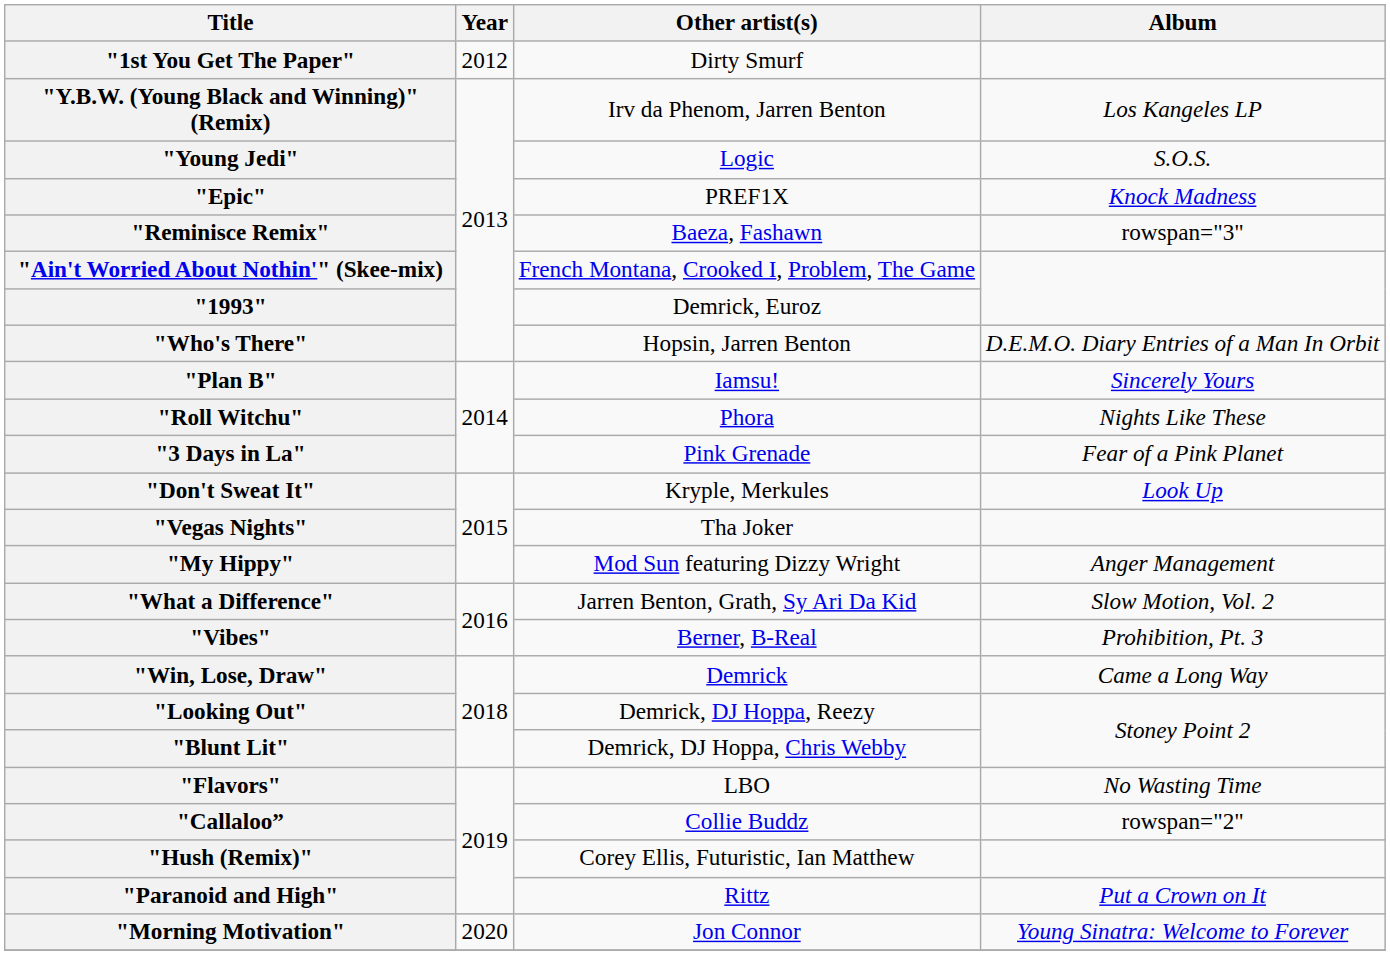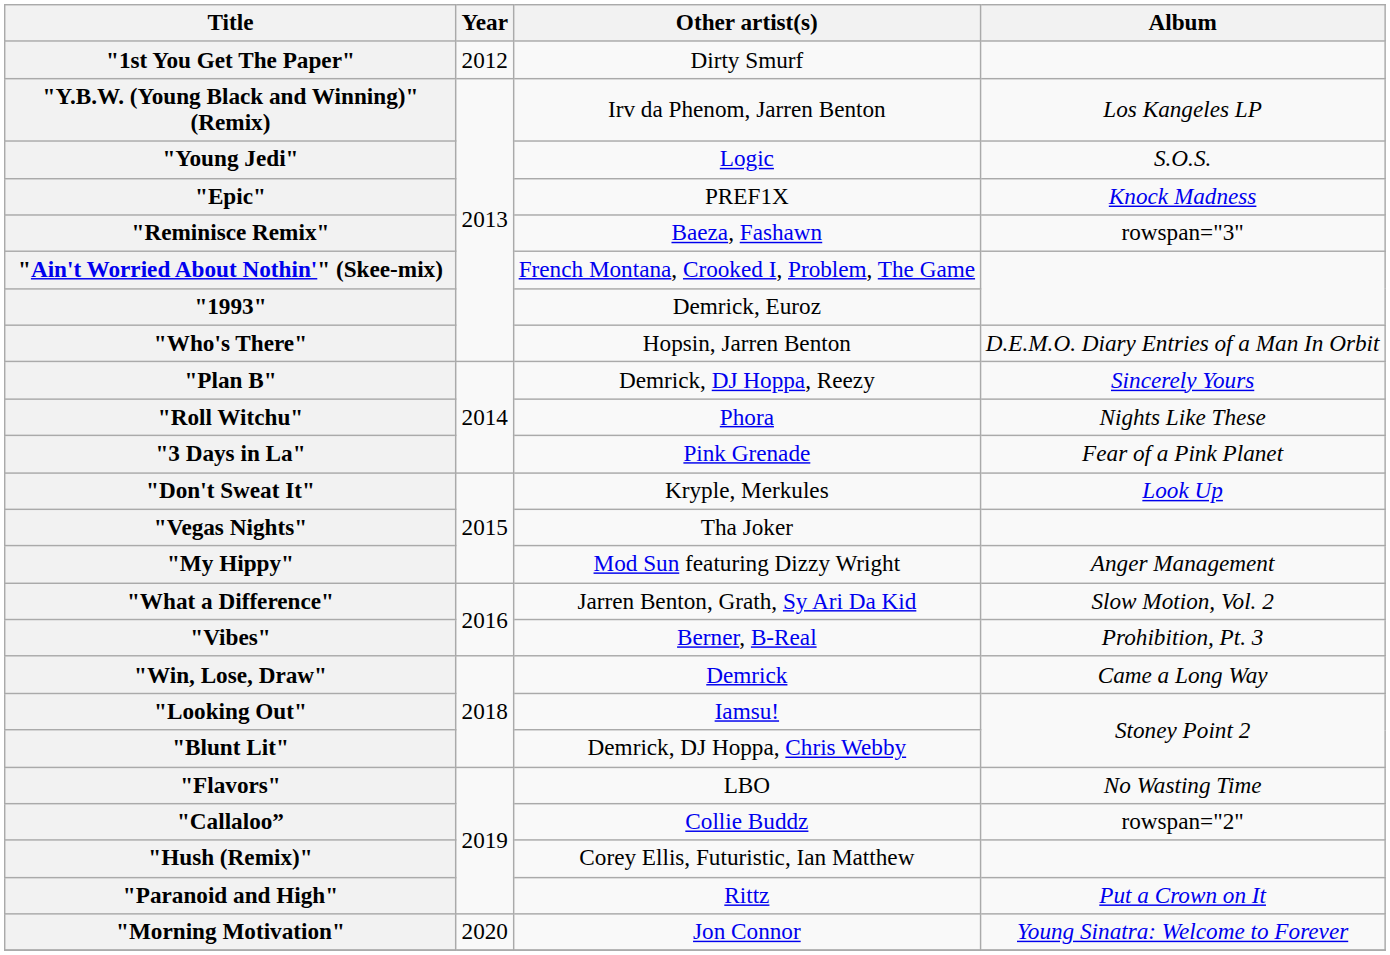 <table class="wikitable plainrowheaders" style="text-align:center;">
 <tr>
 <th scope="col" style="width:19em;">Title</th>
 <th scope="col">Year</th>
 <th scope="col">Other artist(s)</th>
 <th scope="col">Album</th>
 </tr>
 <tr>
 <th scope="row">"1st You Get The Paper"</th>
 <td>2012</td>
 <td>Dirty Smurf</td>
 <td></td>
 </tr>
 <tr>
 <th scope="row">"Y.B.W. (Young Black and Winning)" (Remix)</th>
 <td rowspan="7">2013</td>
 <td>Irv da Phenom, Jarren Benton</td>
 <td><em>Los Kangeles LP</em></td>
 </tr>
 <tr>
 <th scope="row">"Young Jedi"</th>
 <td><a href='#'>Logic</a></td>
 <td><em>S.O.S.</em></td>
 </tr>
 <tr>
 <th scope="row">"Epic"</th>
 <td>PREF1X</td>
 <td><em><a href='#'>Knock Madness</a></em></td>
 </tr>
 <tr>
 <th scope="row">"Reminisce Remix"</th>
 <td><a href='#'>Baeza</a>, <a href='#'>Fashawn</a></td>
 <td>rowspan="3" </td>
 </tr>
 <tr>
 <th scope="row">"<a href='#'>Ain't Worried About Nothin'</a>" (Skee-mix)</th>
 <td><a href='#'>French Montana</a>, <a href='#'>Crooked I</a>, <a href='#'>Problem</a>, <a href='#'>The Game</a></td>
 </tr>
 <tr>
 <th scope="row">"1993"</th>
 <td>Demrick, Euroz</td>
 </tr>
 <tr>
 <th scope="row">"Who's There"</th>
 <td>Hopsin, Jarren Benton</td>
 <td><em>D.E.M.O. Diary Entries of a Man In Orbit</em></td>
 </tr>
 <tr>
 <th scope="row">"Plan B"</th>
 <td rowspan="3">2014</td>
-<td><a href='#'>Iamsu!</a></td>
+<td>Demrick, <a href='#'>DJ Hoppa</a>, Reezy</td>
 <td><em><a href='#'>Sincerely Yours</a></em></td>
 </tr>
 <tr>
 <th scope="row">"Roll Witchu"</th>
 <td><a href='#'>Phora</a></td>
 <td><em>Nights Like These</em></td>
 </tr>
 <tr>
 <th scope="row">"3 Days in La"</th>
 <td><a href='#'>Pink Grenade</a></td>
 <td><em>Fear of a Pink Planet</em></td>
 </tr>
 <tr>
 <th scope="row">"Don't Sweat It"</th>
 <td rowspan="3">2015</td>
 <td>Kryple, Merkules</td>
 <td><em><a href='#'>Look Up</a></em></td>
 </tr>
 <tr>
 <th scope="row">"Vegas Nights"</th>
 <td>Tha Joker</td>
 <td></td>
 </tr>
 <tr>
 <th scope="row">"My Hippy"</th>
 <td><a href='#'>Mod Sun</a> featuring Dizzy Wright</td>
 <td><em>Anger Management</em></td>
 </tr>
 <tr>
 <th scope="row">"What a Difference"</th>
 <td rowspan="2">2016</td>
 <td>Jarren Benton, Grath, <a href='#'>Sy Ari Da Kid</a></td>
 <td><em>Slow Motion, Vol. 2</em></td>
 </tr>
 <tr>
 <th scope="row">"Vibes"</th>
 <td><a href='#'>Berner</a>, <a href='#'>B-Real</a></td>
 <td><em>Prohibition, Pt. 3</em></td>
 </tr>
 <tr>
 <th scope="row">"Win, Lose, Draw"</th>
 <td rowspan="3">2018</td>
 <td><a href='#'>Demrick</a></td>
 <td><em>Came a Long Way</em></td>
 </tr>
 <tr>
 <th scope="row">"Looking Out"</th>
-<td>Demrick, <a href='#'>DJ Hoppa</a>, Reezy</td>
+<td><a href='#'>Iamsu!</a></td>
 <td rowspan="2"><em>Stoney Point 2</em></td>
 </tr>
 <tr>
 <th scope="row">"Blunt Lit"</th>
 <td>Demrick, DJ Hoppa, <a href='#'>Chris Webby</a></td>
 </tr>
 <tr>
 <th scope="row">"Flavors"</th>
 <td rowspan="4">2019</td>
 <td>LBO</td>
 <td><em>No Wasting Time</em></td>
 </tr>
 <tr>
 <th scope="row">"Callaloo”</th>
 <td><a href='#'>Collie Buddz</a></td>
 <td>rowspan="2" </td>
 </tr>
 <tr>
 <th scope="row">"Hush (Remix)"</th>
 <td>Corey Ellis, Futuristic, Ian Matthew</td>
 </tr>
 <tr>
 <th scope="row">"Paranoid and High"</th>
 <td><a href='#'>Rittz</a></td>
 <td><em><a href='#'>Put a Crown on It</a></em></td>
 </tr>
 <tr>
 <th scope="row">"Morning Motivation"</th>
 <td rowspan="1">2020</td>
 <td><a href='#'>Jon Connor</a></td>
 <td><em><a href='#'>Young Sinatra: Welcome to Forever</a></em></td>
 </tr>
 <tr>
 </tr>
 </table>
